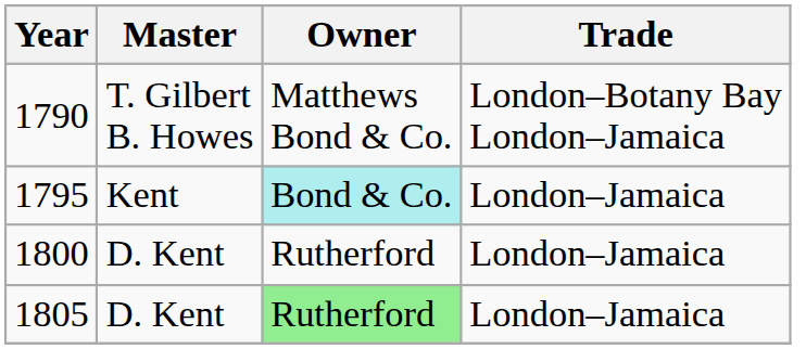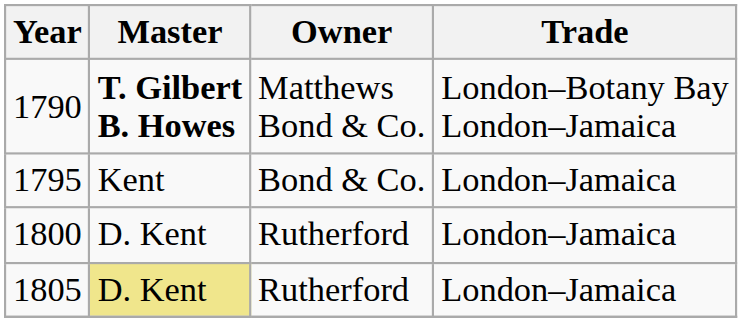 <table class="sortable wikitable">
 <tr>
 <th>Year</th>
 <th>Master</th>
 <th>Owner</th>
 <th>Trade</th>
 </tr>
 <tr>
 <td>1790</td>
-<td>T. Gilbert<br>B.  Howes</td>
+<td><strong>T. Gilbert<br>B.  Howes</strong></td>
 <td>Matthews<br>Bond & Co.</td>
 <td>London–Botany Bay<br>London–Jamaica</td>
 </tr>
 <tr>
 <td>1795</td>
 <td>Kent</td>
-<td style="background: paleturquoise;">Bond & Co.</td>
+<td>Bond & Co.</td>
 <td>London–Jamaica</td>
 </tr>
 <tr>
 <td>1800</td>
 <td>D. Kent</td>
 <td>Rutherford</td>
 <td>London–Jamaica</td>
 </tr>
 <tr>
 <td>1805</td>
-<td>D. Kent</td>
-<td style="background: lightgreen;">Rutherford</td>
+<td style="background: khaki;">D. Kent</td>
+<td>Rutherford</td>
 <td>London–Jamaica</td>
 </tr>
 <tr>
 </tr>
 </table>
